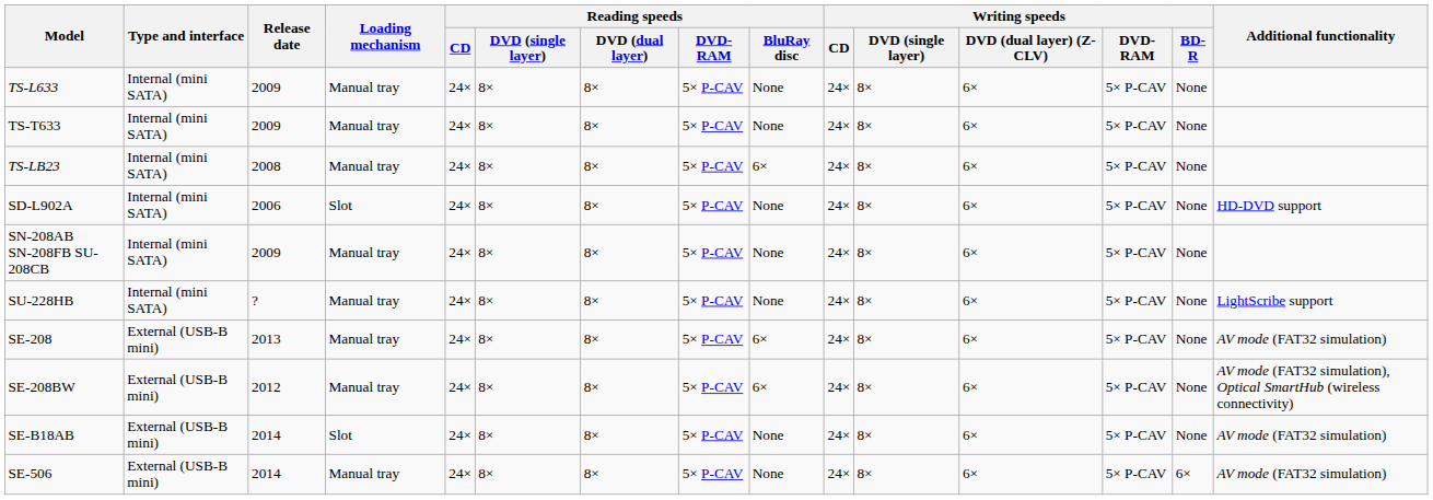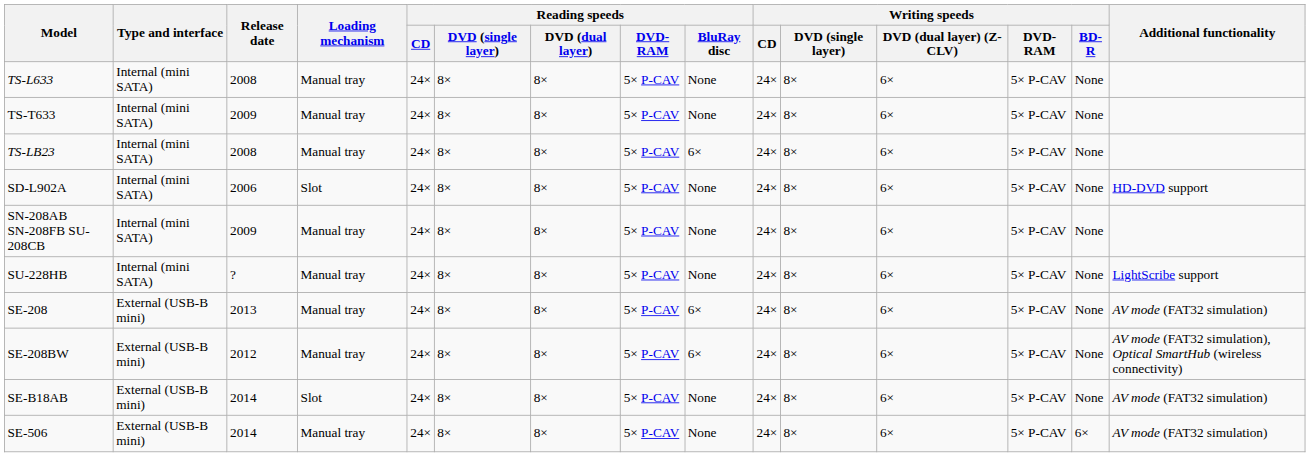 <table class="wikitable sortable">
 <tr>
 <th rowspan="2">Model</th>
 <th rowspan="2">Type and interface</th>
 <th rowspan="2">Release date</th>
 <th rowspan="2"><a href='#'>Loading mechanism</a></th>
 <th colspan="5">Reading speeds</th>
 <th colspan="5">Writing speeds</th>
 <th rowspan="2">Additional functionality</th>
 </tr>
 <tr>
 <th><a href='#'>CD</a></th>
 <th><a href='#'>DVD</a> (<a href='#'>single layer</a>)</th>
 <th>DVD (<a href='#'>dual layer</a>)</th>
 <th><a href='#'>DVD-RAM</a></th>
 <th><a href='#'>BluRay</a> disc</th>
 <th>CD</th>
 <th>DVD (single layer)</th>
 <th>DVD (dual layer) (Z-CLV)</th>
 <th>DVD-RAM</th>
 <th><a href='#'>BD-R</a></th>
 </tr>
 <tr>
 <td><em>TS-L633</em></td>
 <td>Internal (mini SATA)</td>
-<td>2009</td>
+<td>2008</td>
 <td>Manual tray</td>
 <td>24×</td>
 <td>8×</td>
 <td>8×</td>
 <td>5× <a href='#'>P-CAV</a></td>
 <td>None</td>
 <td>24×</td>
 <td>8×</td>
 <td>6×</td>
 <td>5× P-CAV</td>
 <td>None</td>
 <td></td>
 </tr>
 <tr>
 <td>TS-T633</td>
 <td>Internal (mini SATA)</td>
 <td>2009</td>
 <td>Manual tray</td>
 <td>24×</td>
 <td>8×</td>
 <td>8×</td>
 <td>5× <a href='#'>P-CAV</a></td>
 <td>None</td>
 <td>24×</td>
 <td>8×</td>
 <td>6×</td>
 <td>5× P-CAV</td>
 <td>None</td>
 <td></td>
 </tr>
 <tr>
 <td><em>TS-LB23</em></td>
 <td>Internal (mini SATA)</td>
 <td>2008</td>
 <td>Manual tray</td>
 <td>24×</td>
 <td>8×</td>
 <td>8×</td>
 <td>5× <a href='#'>P-CAV</a></td>
 <td>6×</td>
 <td>24×</td>
 <td>8×</td>
 <td>6×</td>
 <td>5× P-CAV</td>
 <td>None</td>
 <td></td>
 </tr>
 <tr>
 <td>SD-L902A</td>
 <td>Internal (mini SATA)</td>
 <td>2006</td>
 <td>Slot</td>
 <td>24×</td>
 <td>8×</td>
 <td>8×</td>
 <td>5× <a href='#'>P-CAV</a></td>
 <td>None</td>
 <td>24×</td>
 <td>8×</td>
 <td>6×</td>
 <td>5× P-CAV</td>
 <td>None</td>
 <td><a href='#'>HD-DVD</a> support</td>
 </tr>
 <tr>
 <td>SN-208AB<br>SN-208FB SU-208CB</td>
 <td>Internal (mini SATA)</td>
 <td>2009</td>
 <td>Manual tray</td>
 <td>24×</td>
 <td>8×</td>
 <td>8×</td>
 <td>5× <a href='#'>P-CAV</a></td>
 <td>None</td>
 <td>24×</td>
 <td>8×</td>
 <td>6×</td>
 <td>5× P-CAV</td>
 <td>None</td>
 <td></td>
 </tr>
 <tr>
 <td>SU-228HB</td>
 <td>Internal (mini SATA)</td>
 <td>?</td>
 <td>Manual tray</td>
 <td>24×</td>
 <td>8×</td>
 <td>8×</td>
 <td>5× <a href='#'>P-CAV</a></td>
 <td>None</td>
 <td>24×</td>
 <td>8×</td>
 <td>6×</td>
 <td>5× P-CAV</td>
 <td>None</td>
 <td><a href='#'>LightScribe</a> support</td>
 </tr>
 <tr>
 <td>SE-208</td>
 <td>External (USB-B mini)</td>
 <td>2013</td>
 <td>Manual tray</td>
 <td>24×</td>
 <td>8×</td>
 <td>8×</td>
 <td>5× <a href='#'>P-CAV</a></td>
 <td>6×</td>
 <td>24×</td>
 <td>8×</td>
 <td>6×</td>
 <td>5× P-CAV</td>
 <td>None</td>
 <td><em>AV mode</em> (FAT32 simulation)</td>
 </tr>
 <tr>
 <td>SE-208BW</td>
 <td>External (USB-B mini)</td>
 <td>2012</td>
 <td>Manual tray</td>
 <td>24×</td>
 <td>8×</td>
 <td>8×</td>
 <td>5× <a href='#'>P-CAV</a></td>
 <td>6×</td>
 <td>24×</td>
 <td>8×</td>
 <td>6×</td>
 <td>5× P-CAV</td>
 <td>None</td>
 <td><em>AV mode</em> (FAT32 simulation),<br><em>Optical SmartHub</em> (wireless connectivity)</td>
 </tr>
 <tr>
 <td>SE-B18AB</td>
 <td>External (USB-B mini)</td>
 <td>2014</td>
 <td>Slot</td>
 <td>24×</td>
 <td>8×</td>
 <td>8×</td>
 <td>5× <a href='#'>P-CAV</a></td>
 <td>None</td>
 <td>24×</td>
 <td>8×</td>
 <td>6×</td>
 <td>5× P-CAV</td>
 <td>None</td>
 <td><em>AV mode</em> (FAT32 simulation)</td>
 </tr>
 <tr>
 <td>SE-506</td>
 <td>External (USB-B mini)</td>
 <td>2014</td>
 <td>Manual tray</td>
 <td>24×</td>
 <td>8×</td>
 <td>8×</td>
 <td>5× <a href='#'>P-CAV</a></td>
 <td>None</td>
 <td>24×</td>
 <td>8×</td>
 <td>6×</td>
 <td>5× P-CAV</td>
 <td>6×</td>
 <td><em>AV mode</em> (FAT32 simulation)</td>
 </tr>
 </table>
